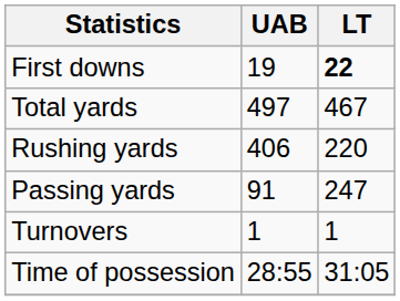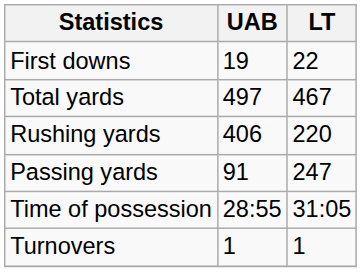 <table class="wikitable">
 <tr>
 <th>Statistics</th>
 <th>UAB</th>
 <th>LT</th>
 </tr>
 <tr>
 <td>First downs</td>
 <td>19</td>
-<td><strong>22</strong></td>
+<td>22</td>
 </tr>
 <tr>
 <td>Total yards</td>
 <td>497</td>
 <td>467</td>
 </tr>
 <tr>
 <td>Rushing yards</td>
 <td>406</td>
 <td>220</td>
 </tr>
 <tr>
 <td>Passing yards</td>
 <td>91</td>
 <td>247</td>
 </tr>
 <tr>
+<td>Time of possession</td>
+<td>28:55</td>
+<td>31:05</td>
+</tr>
+<tr>
 <td>Turnovers</td>
 <td>1</td>
 <td>1</td>
 </tr>
 <tr>
-<td>Time of possession</td>
-<td>28:55</td>
-<td>31:05</td>
-</tr>
-<tr>
 </tr>
 </table>
